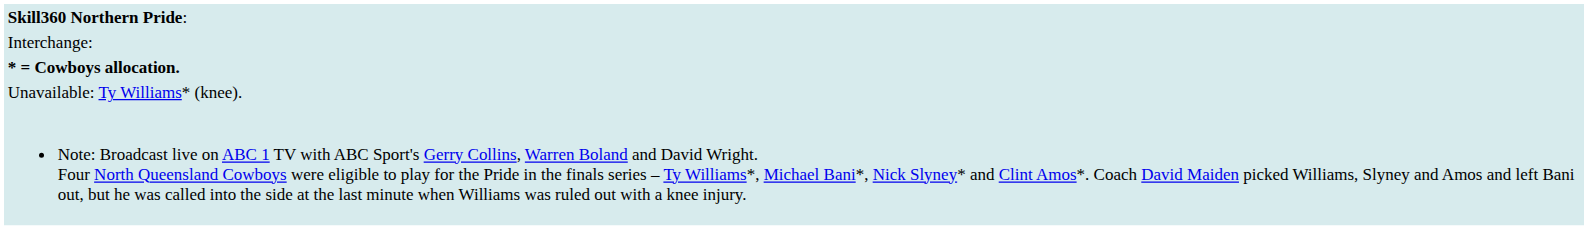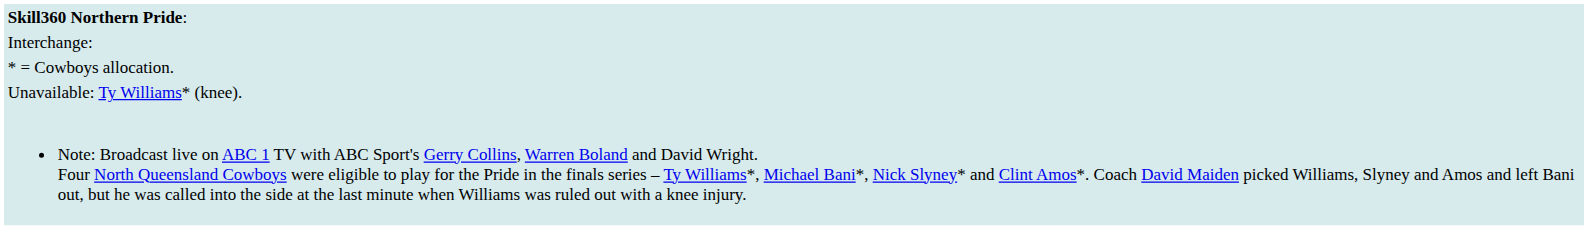 <table style="background:#d7ebed; font-size:85%; width:100%;">
 <tr>
 <td><strong>Skill360 Northern Pride</strong>:            </td>
 </tr>
 <tr>
 <td>Interchange:    </td>
 </tr>
 <tr>
-<td><strong>* = Cowboys allocation.</strong></td>
+<td>* = Cowboys allocation.</td>
 </tr>
 <tr>
 <td>Unavailable: <a href='#'>Ty Williams</a>* (knee).</td>
 </tr>
 <tr>
 <td><br><ul><li>Note: Broadcast live on <a href='#'>ABC 1</a> TV with ABC Sport's <a href='#'>Gerry Collins</a>, <a href='#'>Warren Boland</a> and David Wright.<br>Four <a href='#'>North Queensland Cowboys</a> were eligible to play for the Pride in the finals series – <a href='#'>Ty Williams</a>*, <a href='#'>Michael Bani</a>*, <a href='#'>Nick Slyney</a>* and <a href='#'>Clint Amos</a>*. Coach <a href='#'>David Maiden</a> picked Williams, Slyney and Amos and left Bani out, but he was called into the side at the last minute when Williams was ruled out with a knee injury.</li></ul></td>
 </tr>
 </table>
